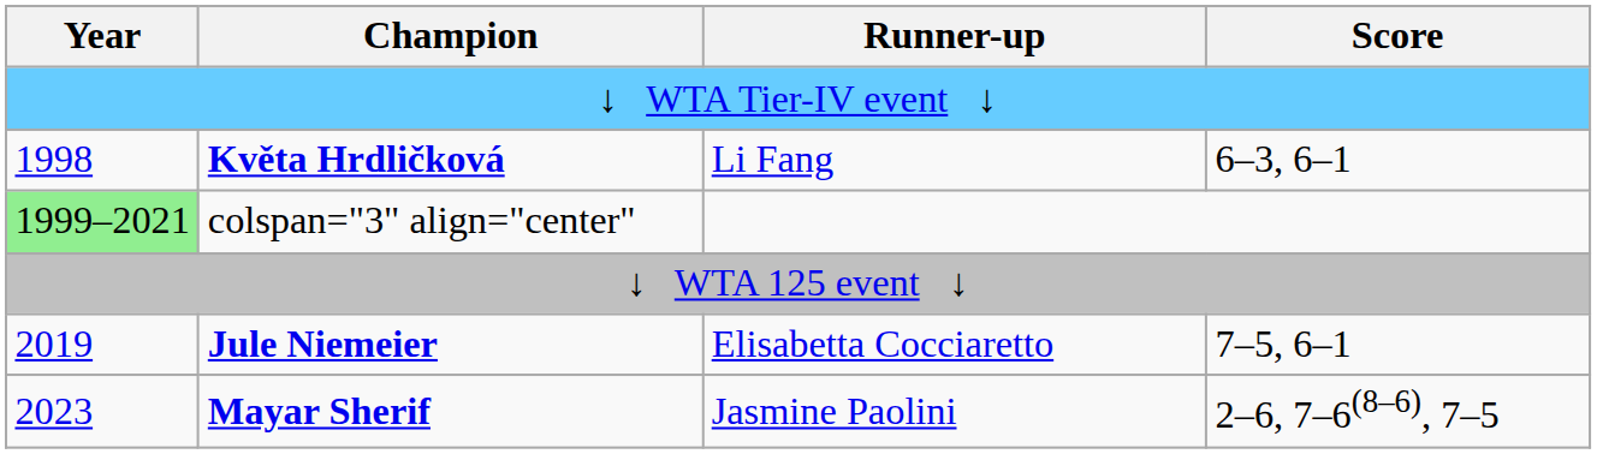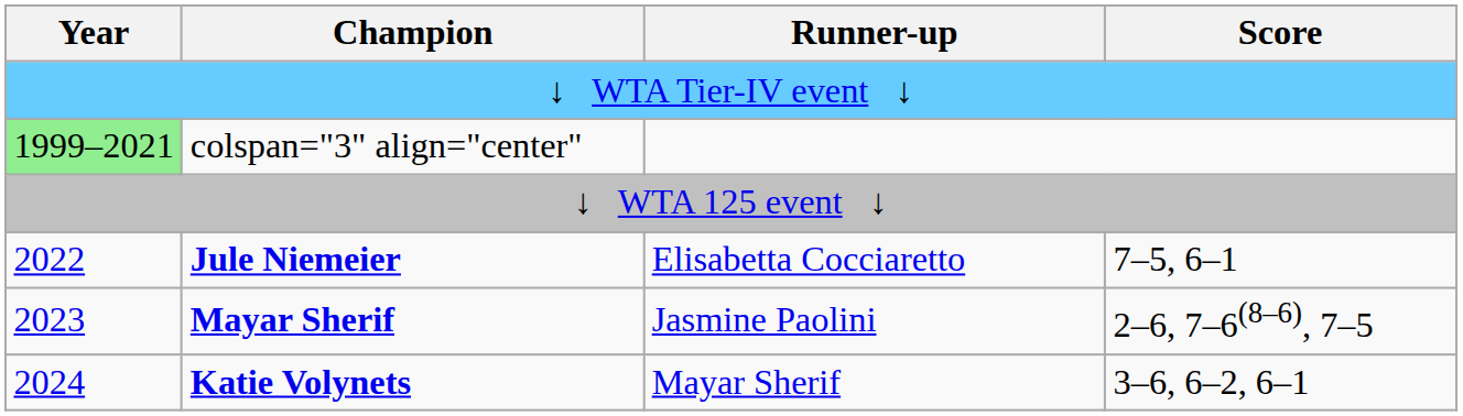 <table class="wikitable">
 <tr>
 <th>Year</th>
 <th width="200">Champion</th>
 <th width="200">Runner-up</th>
 <th width="150">Score</th>
 </tr>
 <tr>
 <td colspan="4" align="center" bgcolor=66CCFF>↓   <a href='#'>WTA Tier-IV event</a>   ↓</td>
 </tr>
 <tr>
-<td><a href='#'>1998</a></td>
-<td> <strong><a href='#'>Květa Hrdličková</a></strong></td>
-<td> <a href='#'>Li Fang</a></td>
-<td>6–3, 6–1</td>
-</tr>
-<tr>
 <td style="background: lightgreen;">1999–2021</td>
 <td>colspan="3" align="center" </td>
 </tr>
 <tr>
 <td colspan="4" align="center" bgcolor=silver>↓   <a href='#'>WTA 125 event</a>   ↓</td>
 </tr>
 <tr>
-<td><a href='#'>2019</a></td>
+<td><a href='#'>2022</a></td>
 <td> <strong><a href='#'>Jule Niemeier</a></strong></td>
 <td> <a href='#'>Elisabetta Cocciaretto</a></td>
 <td>7–5, 6–1</td>
 </tr>
 <tr>
 <td><a href='#'>2023</a></td>
 <td> <strong><a href='#'>Mayar Sherif</a></strong></td>
 <td> <a href='#'>Jasmine Paolini</a></td>
 <td>2–6, 7–6<sup>(8–6)</sup>, 7–5</td>
 </tr>
+<tr>
+<td><a href='#'>2024</a></td>
+<td> <strong><a href='#'>Katie Volynets</a></strong></td>
+<td> <a href='#'>Mayar Sherif</a></td>
+<td>3–6, 6–2, 6–1</td>
+</tr>
 </table>
